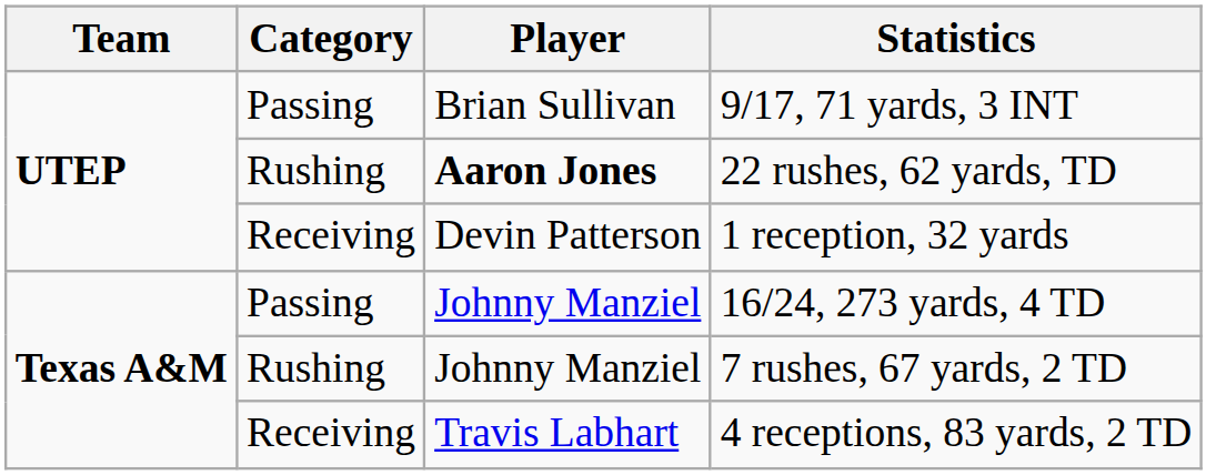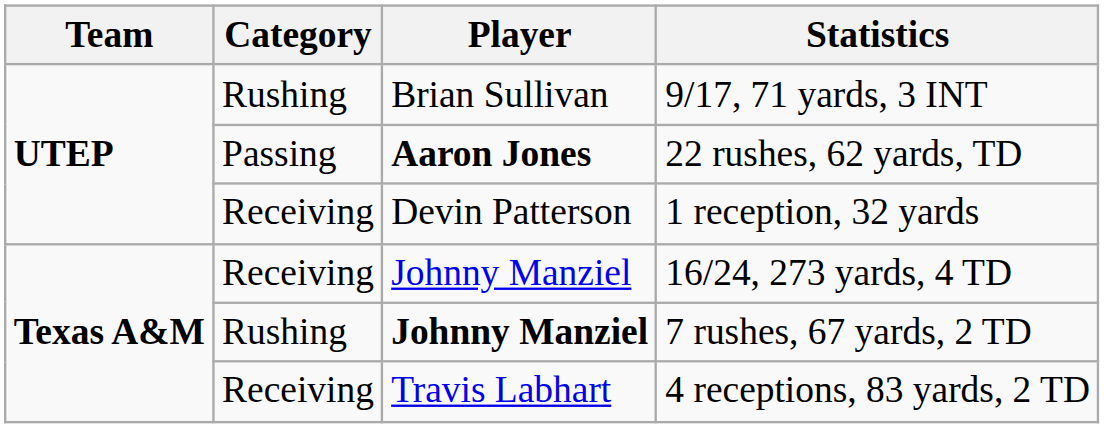 <table class="wikitable" style="float: left;">
 <tr>
 <th>Team</th>
 <th>Category</th>
 <th>Player</th>
 <th>Statistics</th>
 </tr>
 <tr>
 <td rowspan=3><strong>UTEP</strong></td>
-<td>Passing</td>
+<td>Rushing</td>
 <td>Brian Sullivan</td>
 <td>9/17, 71 yards, 3 INT</td>
 </tr>
 <tr>
-<td>Rushing</td>
+<td>Passing</td>
 <td><strong>Aaron Jones</strong></td>
 <td>22 rushes, 62 yards, TD</td>
 </tr>
 <tr>
 <td>Receiving</td>
 <td>Devin Patterson</td>
 <td>1 reception, 32 yards</td>
 </tr>
 <tr>
 <td rowspan=3><strong>Texas A&M</strong></td>
-<td>Passing</td>
+<td>Receiving</td>
 <td><a href='#'>Johnny Manziel</a></td>
 <td>16/24, 273 yards, 4 TD</td>
 </tr>
 <tr>
 <td>Rushing</td>
-<td>Johnny Manziel</td>
+<td><strong>Johnny Manziel</strong></td>
 <td>7 rushes, 67 yards, 2 TD</td>
 </tr>
 <tr>
 <td>Receiving</td>
 <td><a href='#'>Travis Labhart</a></td>
 <td>4 receptions, 83 yards, 2 TD</td>
 </tr>
 </table>
